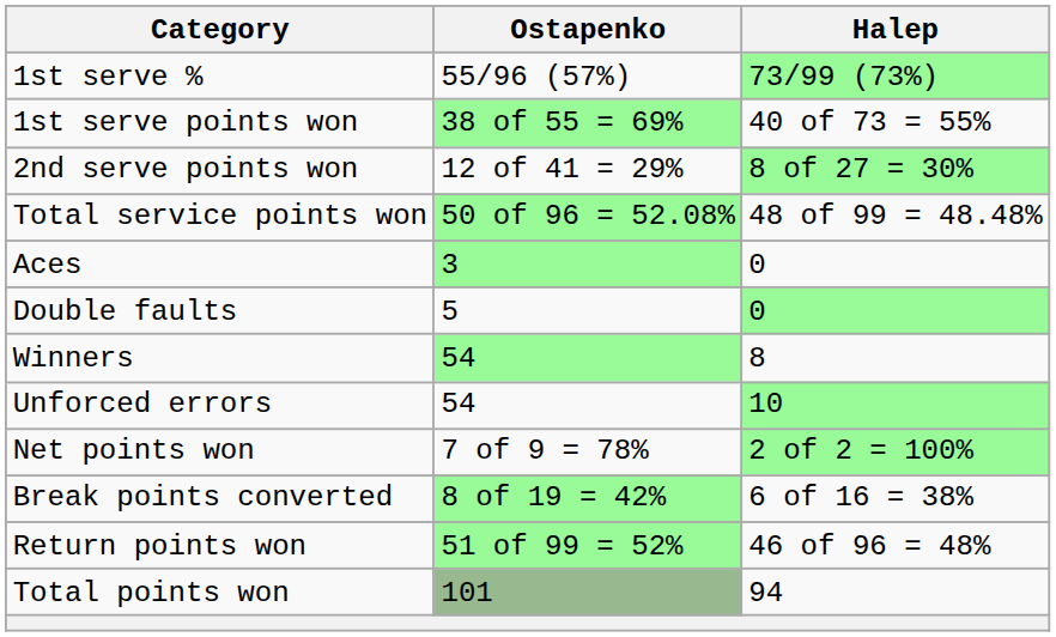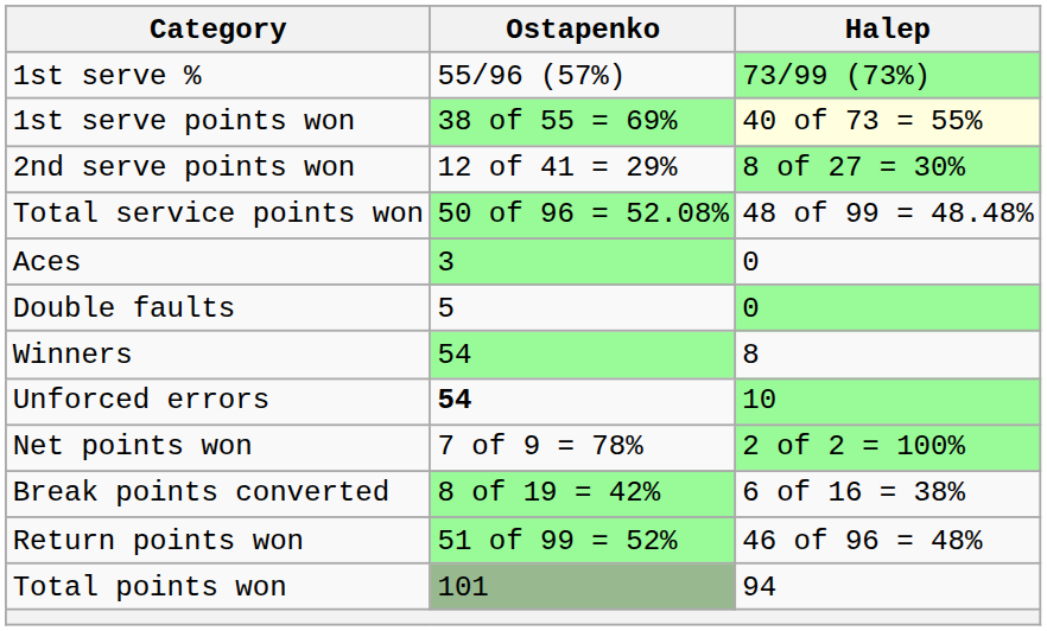 <table class="wikitable">
 <tr>
 <th>Category</th>
 <th> Ostapenko</th>
 <th> Halep</th>
 </tr>
 <tr>
 <td>1st serve %</td>
 <td>55/96 (57%)</td>
 <td bgcolor=98FB98>73/99 (73%)</td>
 </tr>
 <tr>
 <td>1st serve points won</td>
 <td bgcolor=98FB98>38 of 55 = 69%</td>
-<td>40 of 73 = 55%</td>
+<td style="background: lightyellow;">40 of 73 = 55%</td>
 </tr>
 <tr>
 <td>2nd serve points won</td>
 <td>12 of 41 = 29%</td>
 <td bgcolor=98FB98>8 of 27 = 30%</td>
 </tr>
 <tr>
 <td>Total service points won</td>
 <td bgcolor=98FB98>50 of 96 = 52.08%</td>
 <td>48 of 99 = 48.48%</td>
 </tr>
 <tr>
 <td>Aces</td>
 <td bgcolor=98FB98>3</td>
 <td>0</td>
 </tr>
 <tr>
 <td>Double faults</td>
 <td>5</td>
 <td bgcolor=98FB98>0</td>
 </tr>
 <tr>
 <td>Winners</td>
 <td bgcolor=98FB98>54</td>
 <td>8</td>
 </tr>
 <tr>
 <td>Unforced errors</td>
-<td>54</td>
+<td><strong>54</strong></td>
 <td bgcolor=98FB98>10</td>
 </tr>
 <tr>
 <td>Net points won</td>
 <td>7 of 9 = 78%</td>
 <td bgcolor=98FB98>2 of 2 = 100%</td>
 </tr>
 <tr>
 <td>Break points converted</td>
 <td bgcolor=98FB98>8 of 19 = 42%</td>
 <td>6 of 16 = 38%</td>
 </tr>
 <tr>
 <td>Return points won</td>
 <td bgcolor=98FB98>51 of 99 = 52%</td>
 <td>46 of 96 = 48%</td>
 </tr>
 <tr>
 <td>Total points won</td>
 <td bgcolor=98FB989>101</td>
 <td>94</td>
 </tr>
 <tr>
 <th colspan=3></th>
 </tr>
 </table>
